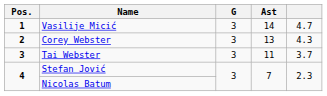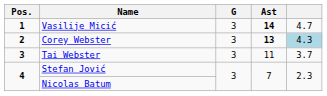 <table class=wikitable width="75%">
 <tr>
 <th width="10%">Pos.</th>
 <th width="50%">Name</th>
 <th width="10%">G</th>
 <th width="10%">Ast</th>
 <th width="10%"></th>
 </tr>
 <tr align=center>
 <td><strong>1</strong></td>
 <td align=left> <a href='#'>Vasilije Micić</a></td>
 <td>3</td>
-<td>14</td>
+<td><strong>14</strong></td>
 <td>4.7</td>
 </tr>
 <tr align=center>
 <td><strong>2</strong></td>
 <td align=left> <a href='#'>Corey Webster</a></td>
 <td>3</td>
-<td>13</td>
-<td>4.3</td>
+<td><strong>13</strong></td>
+<td style="background: lightblue;">4.3</td>
 </tr>
 <tr align=center>
 <td><strong>3</strong></td>
 <td align=left> <a href='#'>Tai Webster</a></td>
 <td>3</td>
 <td>11</td>
 <td>3.7</td>
 </tr>
 <tr align=center>
 <td rowspan=2><strong>4</strong></td>
 <td align=left> <a href='#'>Stefan Jović</a></td>
 <td rowspan=2>3</td>
 <td rowspan=2>7</td>
 <td rowspan=2>2.3</td>
 </tr>
 <tr align=center>
 <td align=left> <a href='#'>Nicolas Batum</a></td>
 </tr>
 </table>
